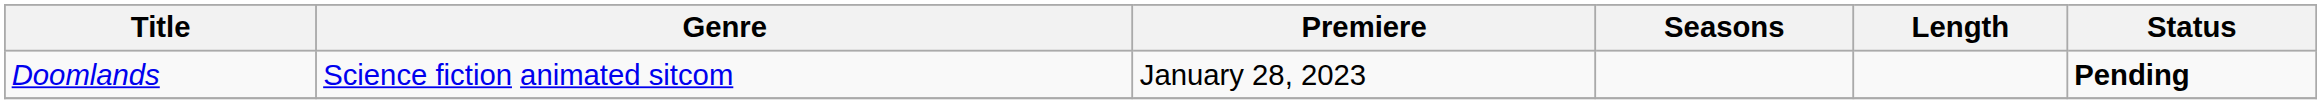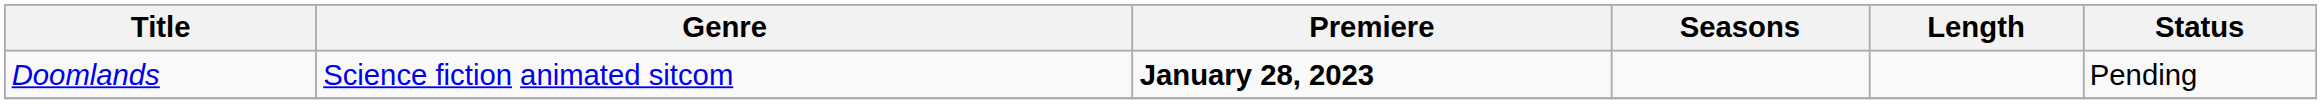 <table class="wikitable sortable" style="width:100%;">
 <tr>
 <th>Title</th>
 <th>Genre</th>
 <th>Premiere</th>
 <th>Seasons</th>
 <th>Length</th>
 <th>Status</th>
 </tr>
 <tr>
 <td><em><a href='#'>Doomlands</a></em></td>
 <td><a href='#'>Science fiction</a> <a href='#'>animated sitcom</a></td>
-<td>January 28, 2023</td>
+<td><strong>January 28, 2023</strong></td>
 <td></td>
 <td></td>
-<td><strong>Pending</strong></td>
+<td>Pending</td>
 </tr>
 <tr>
 </tr>
 </table>
